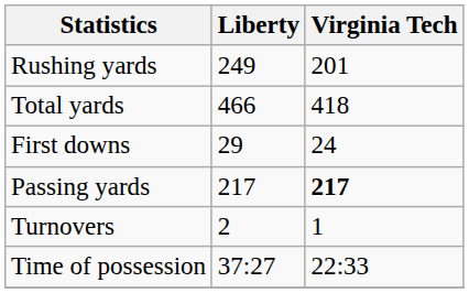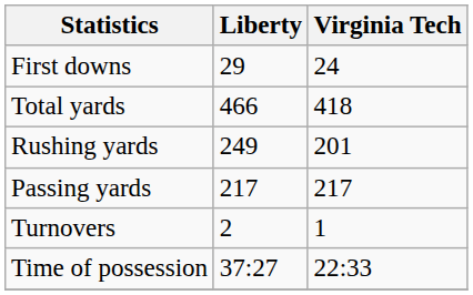 <table class="wikitable">
 <tr>
 <th>Statistics</th>
 <th>Liberty</th>
 <th>Virginia Tech</th>
 </tr>
 <tr>
-<td>Rushing yards</td>
-<td>249</td>
-<td>201</td>
+<td>First downs</td>
+<td>29</td>
+<td>24</td>
 </tr>
 <tr>
 <td>Total yards</td>
 <td>466</td>
 <td>418</td>
 </tr>
 <tr>
-<td>First downs</td>
-<td>29</td>
-<td>24</td>
+<td>Rushing yards</td>
+<td>249</td>
+<td>201</td>
 </tr>
 <tr>
 <td>Passing yards</td>
 <td>217</td>
-<td><strong>217</strong></td>
+<td>217</td>
 </tr>
 <tr>
 <td>Turnovers</td>
 <td>2</td>
 <td>1</td>
 </tr>
 <tr>
 <td>Time of possession</td>
 <td>37:27</td>
 <td>22:33</td>
 </tr>
 <tr>
 </tr>
 </table>
